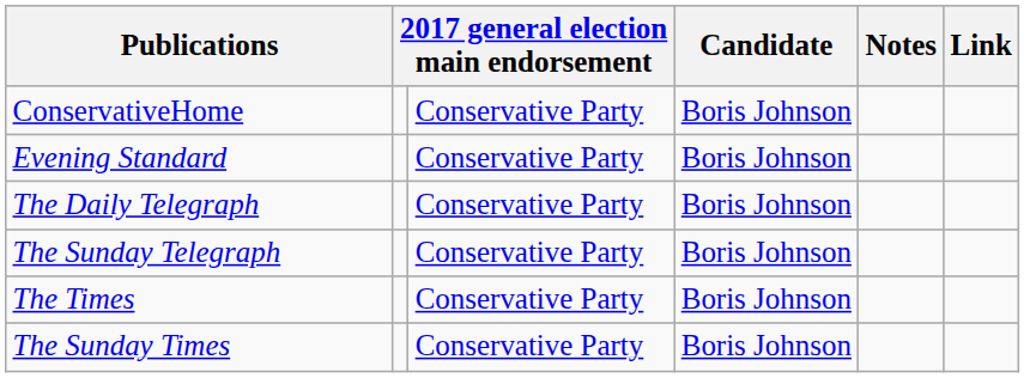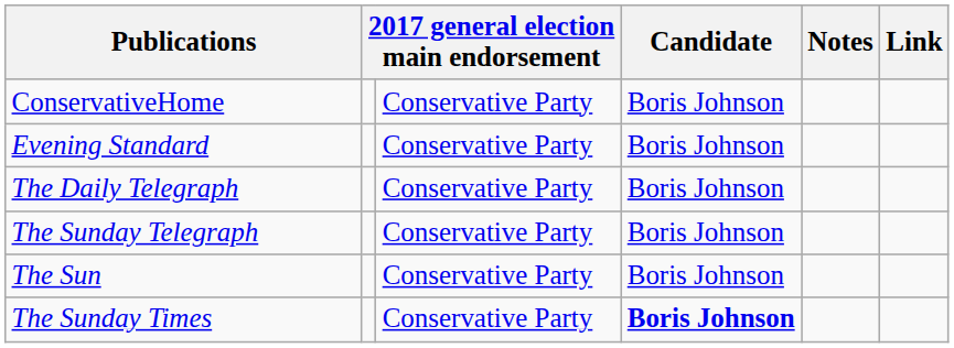 <table class="wikitable">
 <tr>
 <th style="width:200px;">Publications</th>
 <th colspan=2><a href='#'>2017 general election</a><br>main endorsement</th>
 <th>Candidate</th>
 <th>Notes</th>
 <th>Link</th>
 </tr>
 <tr>
 <td><a href='#'>ConservativeHome</a></td>
 <td style="background-color: "></td>
 <td><a href='#'>Conservative Party</a></td>
 <td><a href='#'>Boris Johnson</a></td>
 <td></td>
 <td></td>
 </tr>
 <tr>
 <td><em><a href='#'>Evening Standard</a></em></td>
 <td style="background-color: "></td>
 <td><a href='#'>Conservative Party</a></td>
 <td><a href='#'>Boris Johnson</a></td>
 <td></td>
 <td></td>
 </tr>
 <tr>
 <td><em><a href='#'>The Daily Telegraph</a></em></td>
 <td style="background-color: "></td>
 <td><a href='#'>Conservative Party</a></td>
 <td><a href='#'>Boris Johnson</a></td>
 <td></td>
 <td></td>
 </tr>
 <tr>
 <td><em><a href='#'>The Sunday Telegraph</a></em></td>
 <td style="background-color: "></td>
 <td><a href='#'>Conservative Party</a></td>
 <td><a href='#'>Boris Johnson</a></td>
 <td></td>
 <td><br></td>
 </tr>
 <tr>
-<td><em><a href='#'>The Times</a></em></td>
+<td><em><a href='#'>The Sun</a></em></td>
 <td style="background-color: "></td>
 <td><a href='#'>Conservative Party</a></td>
 <td><a href='#'>Boris Johnson</a></td>
 <td></td>
 <td></td>
 </tr>
 <tr>
 <td><em><a href='#'>The Sunday Times</a></em></td>
 <td style="background-color: "></td>
 <td><a href='#'>Conservative Party</a></td>
-<td><a href='#'>Boris Johnson</a></td>
+<td><strong><a href='#'>Boris Johnson</a></strong></td>
 <td></td>
 <td></td>
 </tr>
 </table>
